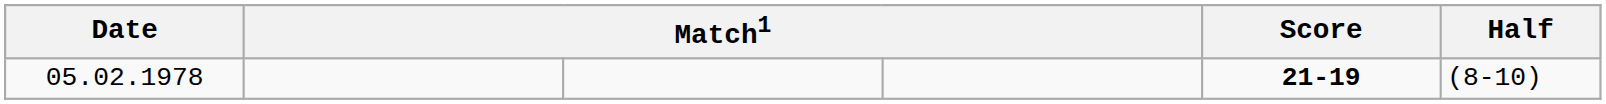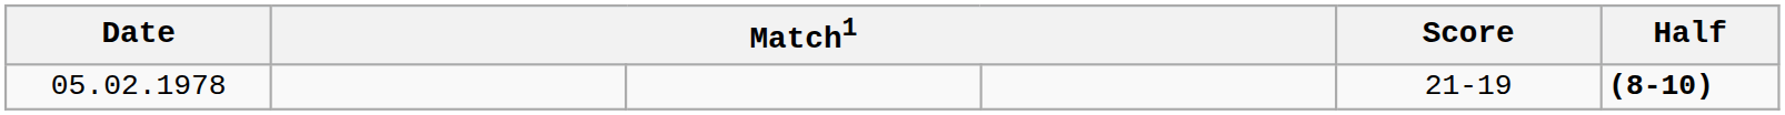 <table width=750 class="wikitable">
 <tr bgcolor="lightsteelblue">
 <th width=15%>Date</th>
 <th width=60% colspan=3>Match<sup>1</sup></th>
 <th width=15%>Score</th>
 <th>Half</th>
 </tr>
 <tr style=font-size:95%>
 <td align=center>05.02.1978</td>
 <td align=center></td>
 <td></td>
 <td></td>
-<td align=center><strong>21-19</strong></td>
-<td align=centet>(8-10)</td>
+<td align=center>21-19</td>
+<td align=centet><strong>(8-10)</strong></td>
 </tr>
 </table>
